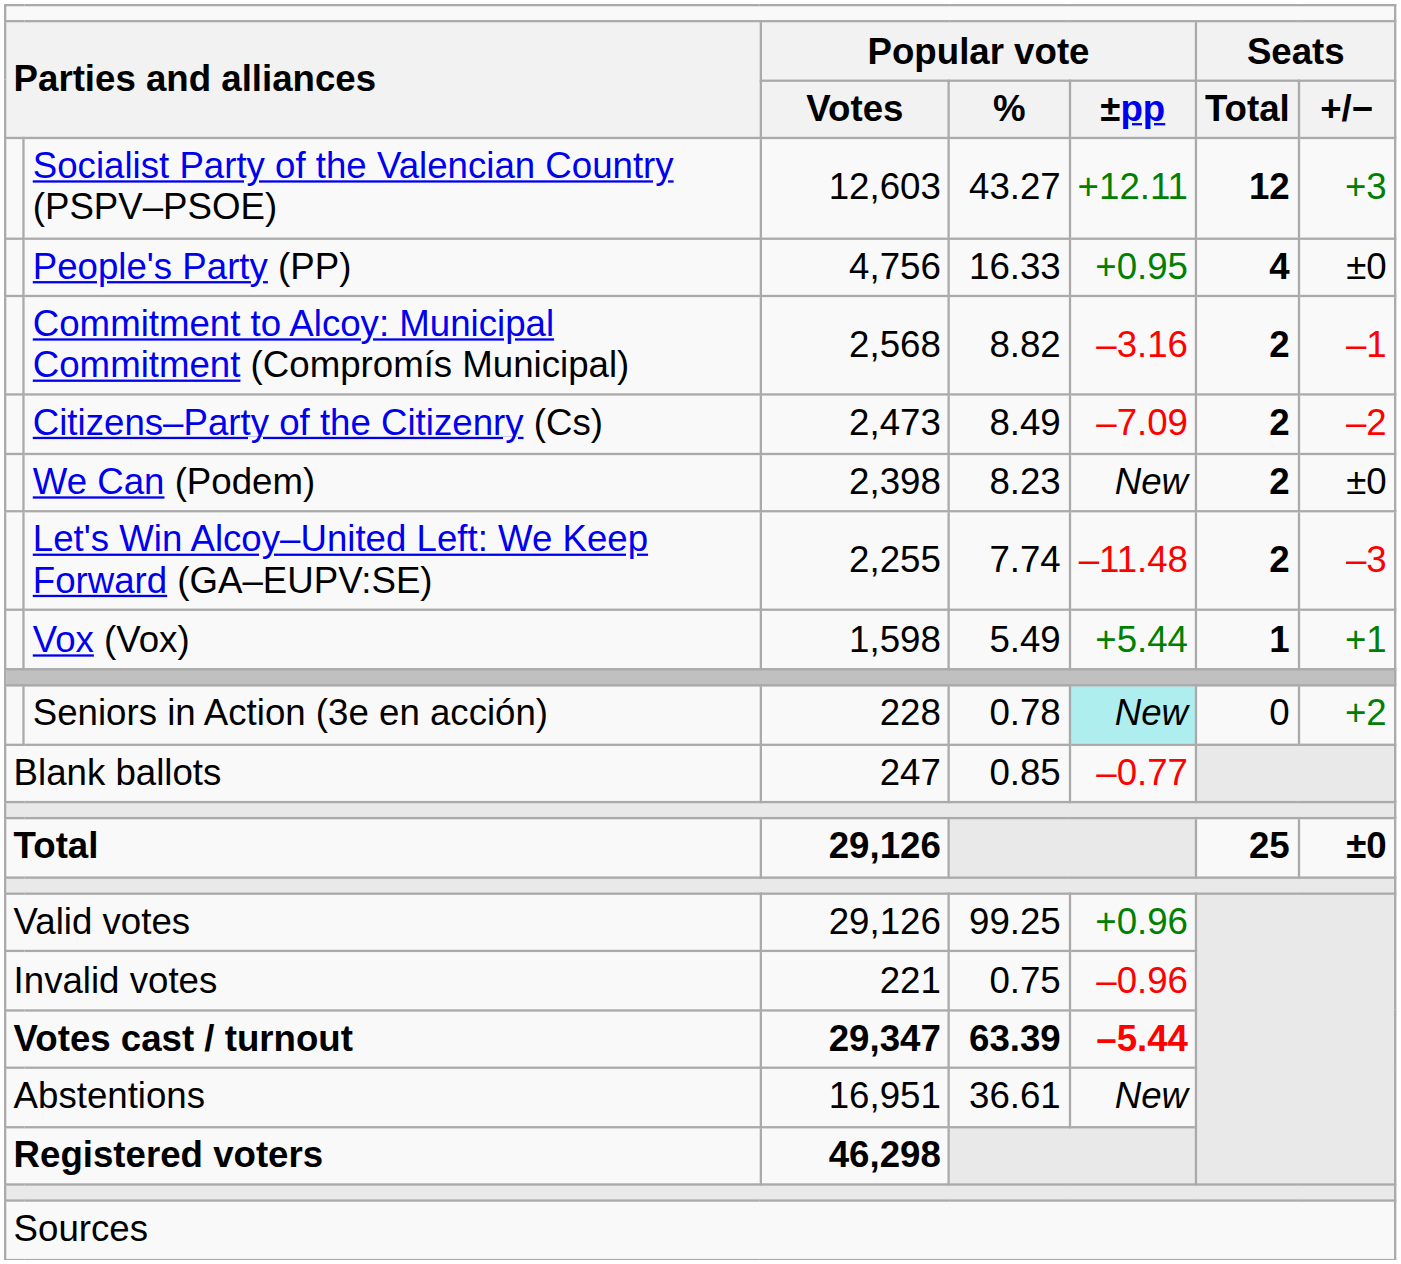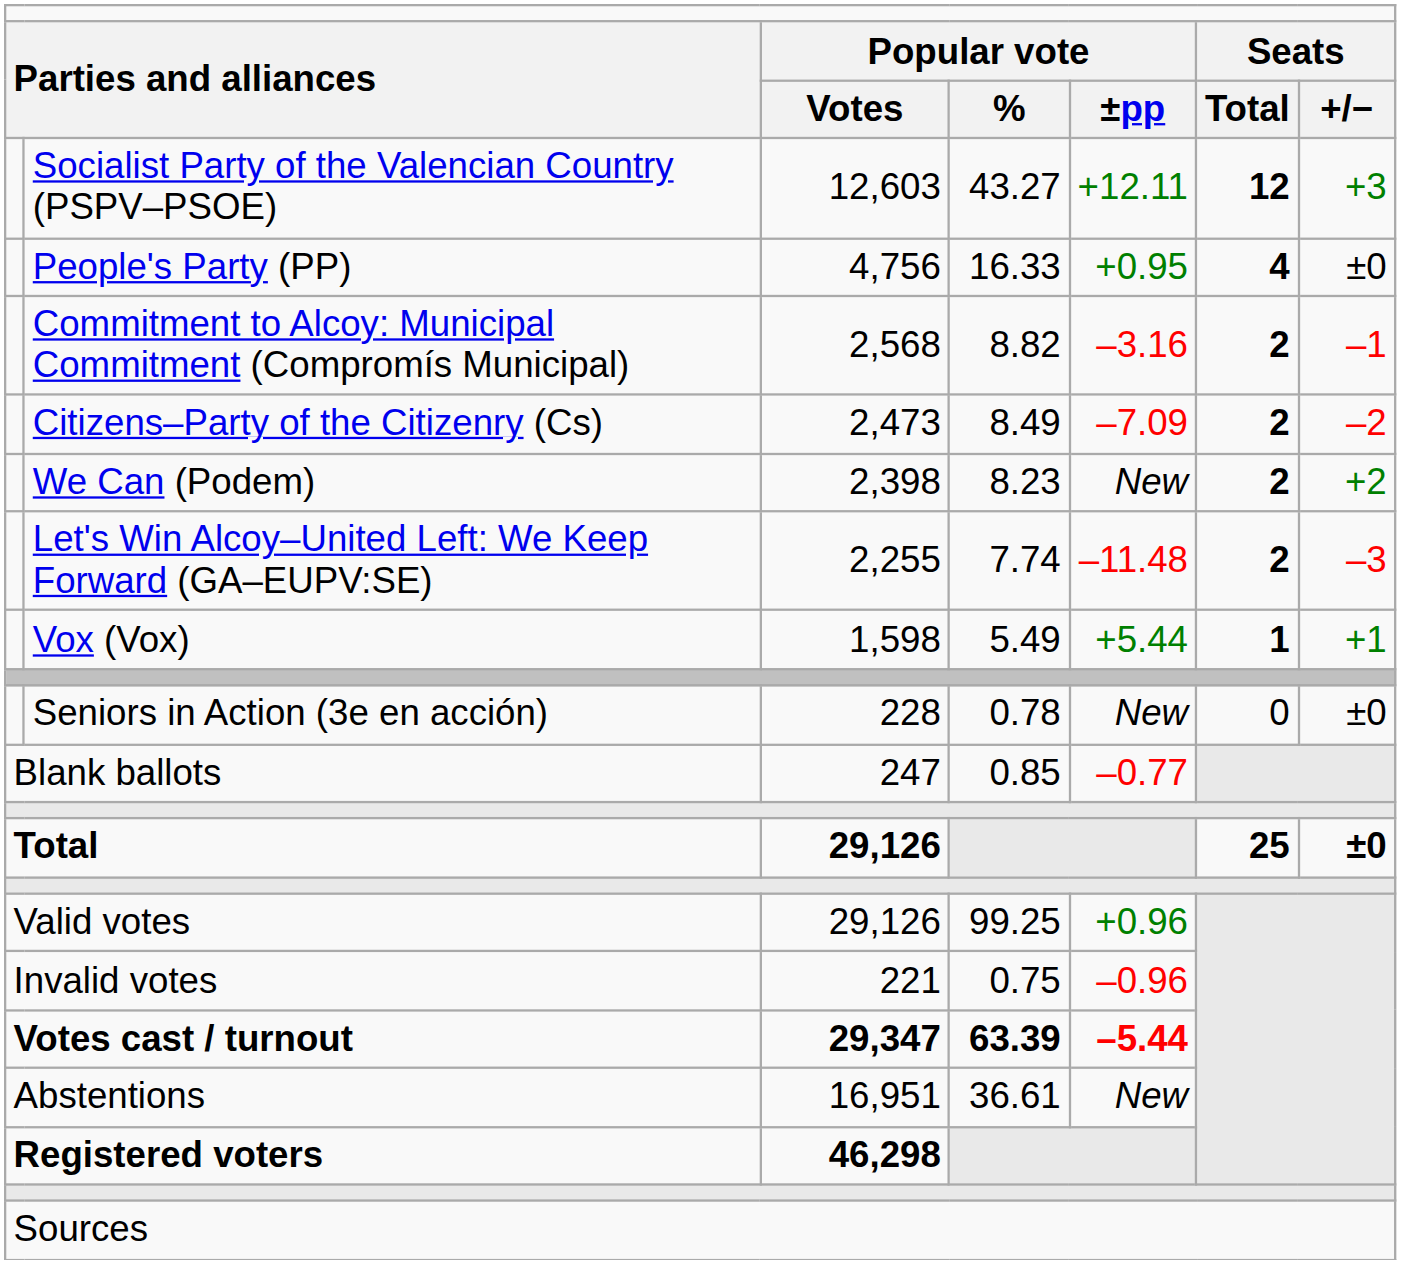 <table class="wikitable" style="text-align:right;">
 <tr>
 <td colspan="7"></td>
 </tr>
 <tr>
 <th style="text-align:left;" rowspan="2" colspan="2" width="525">Parties and alliances</th>
 <th colspan="3">Popular vote</th>
 <th colspan="2">Seats</th>
 </tr>
 <tr>
 <th width="75">Votes</th>
 <th width="45">%</th>
 <th width="45">±<a href='#'>pp</a></th>
 <th width="35">Total</th>
 <th width="35">+/−</th>
 </tr>
 <tr>
 <td width="1" style="color:inherit;background:"></td>
 <td align="left"><a href='#'>Socialist Party of the Valencian Country</a> (PSPV–PSOE)</td>
 <td>12,603</td>
 <td>43.27</td>
 <td style="color:green;">+12.11</td>
 <td><strong>12</strong></td>
 <td style="color:green;">+3</td>
 </tr>
 <tr>
 <td style="color:inherit;background:"></td>
 <td align="left"><a href='#'>People's Party</a> (PP)</td>
 <td>4,756</td>
 <td>16.33</td>
 <td style="color:green;">+0.95</td>
 <td><strong>4</strong></td>
 <td>±0</td>
 </tr>
 <tr>
 <td style="color:inherit;background:"></td>
 <td align="left"><a href='#'>Commitment to Alcoy: Municipal Commitment</a> (Compromís Municipal)</td>
 <td>2,568</td>
 <td>8.82</td>
 <td style="color:red;">–3.16</td>
 <td><strong>2</strong></td>
 <td style="color:red;">–1</td>
 </tr>
 <tr>
 <td style="color:inherit;background:"></td>
 <td align="left"><a href='#'>Citizens–Party of the Citizenry</a> (Cs)</td>
 <td>2,473</td>
 <td>8.49</td>
 <td style="color:red;">–7.09</td>
 <td><strong>2</strong></td>
 <td style="color:red;">–2</td>
 </tr>
 <tr>
 <td style="color:inherit;background:"></td>
 <td align="left"><a href='#'>We Can</a> (Podem)</td>
 <td>2,398</td>
 <td>8.23</td>
 <td><em>New</em></td>
 <td><strong>2</strong></td>
-<td>±0</td>
+<td style="color:green;">+2</td>
 </tr>
 <tr>
 <td style="color:inherit;background:"></td>
 <td align="left"><a href='#'>Let's Win Alcoy–United Left: We Keep Forward</a> (GA–EUPV:SE)</td>
 <td>2,255</td>
 <td>7.74</td>
 <td style="color:red;">–11.48</td>
 <td><strong>2</strong></td>
 <td style="color:red;">–3</td>
 </tr>
 <tr>
 <td style="color:inherit;background:"></td>
 <td align="left"><a href='#'>Vox</a> (Vox)</td>
 <td>1,598</td>
 <td>5.49</td>
 <td style="color:green;">+5.44</td>
 <td><strong>1</strong></td>
 <td style="color:green;">+1</td>
 </tr>
 <tr>
 <td colspan="7" bgcolor="#C0C0C0"></td>
 </tr>
 <tr>
 <td style="color:inherit;background:"></td>
 <td align="left">Seniors in Action (3e en acción)</td>
 <td>228</td>
 <td>0.78</td>
-<td style="background: paleturquoise;"><em>New</em></td>
+<td><em>New</em></td>
 <td>0</td>
-<td style="color:green;">+2</td>
+<td>±0</td>
 </tr>
 <tr>
 <td align="left" colspan="2">Blank ballots</td>
 <td>247</td>
 <td>0.85</td>
 <td style="color:red;">–0.77</td>
 <td bgcolor="#E9E9E9" colspan="2"></td>
 </tr>
 <tr>
 <td colspan="7" bgcolor="#E9E9E9"></td>
 </tr>
 <tr style="font-weight:bold;">
 <td align="left" colspan="2">Total</td>
 <td>29,126</td>
 <td bgcolor="#E9E9E9" colspan="2"></td>
 <td>25</td>
 <td>±0</td>
 </tr>
 <tr>
 <td colspan="7" bgcolor="#E9E9E9"></td>
 </tr>
 <tr>
 <td align="left" colspan="2">Valid votes</td>
 <td>29,126</td>
 <td>99.25</td>
 <td style="color:green;">+0.96</td>
 <td bgcolor="#E9E9E9" colspan="2" rowspan="5"></td>
 </tr>
 <tr>
 <td align="left" colspan="2">Invalid votes</td>
 <td>221</td>
 <td>0.75</td>
 <td style="color:red;">–0.96</td>
 </tr>
 <tr style="font-weight:bold;">
 <td align="left" colspan="2">Votes cast / turnout</td>
 <td>29,347</td>
 <td>63.39</td>
 <td style="color:red;">–5.44</td>
 </tr>
 <tr>
 <td align="left" colspan="2">Abstentions</td>
 <td>16,951</td>
 <td>36.61</td>
 <td><em>New</em></td>
 </tr>
 <tr style="font-weight:bold;">
 <td align="left" colspan="2">Registered voters</td>
 <td>46,298</td>
 <td bgcolor="#E9E9E9" colspan="2"></td>
 </tr>
 <tr>
 <td colspan="7" bgcolor="#E9E9E9"></td>
 </tr>
 <tr>
 <td align="left" colspan="7">Sources</td>
 </tr>
 </table>
